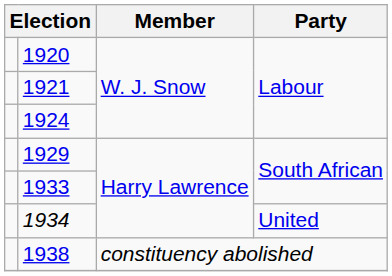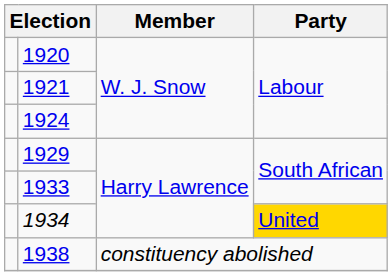 <table class="wikitable">
 <tr>
 <th colspan="2">Election</th>
 <th>Member</th>
 <th>Party</th>
 </tr>
 <tr>
 <td style="background-color: "></td>
 <td><a href='#'>1920</a></td>
 <td rowspan="3"><a href='#'>W. J. Snow</a></td>
 <td rowspan="3"><a href='#'>Labour</a></td>
 </tr>
 <tr>
 <td style="background-color: "></td>
 <td><a href='#'>1921</a></td>
 </tr>
 <tr>
 <td style="background-color: "></td>
 <td><a href='#'>1924</a></td>
 </tr>
 <tr>
 <td style="background-color: "></td>
 <td><a href='#'>1929</a></td>
 <td rowspan="3"><a href='#'>Harry Lawrence</a></td>
 <td rowspan="2"><a href='#'>South African</a></td>
 </tr>
 <tr>
 <td style="background-color: "></td>
 <td><a href='#'>1933</a></td>
 </tr>
 <tr>
 <td style="background-color: "></td>
 <td><em>1934</em></td>
-<td><a href='#'>United</a></td>
+<td style="background: gold;"><a href='#'>United</a></td>
 </tr>
 <tr>
 <td style="background-color: "></td>
 <td><a href='#'>1938</a></td>
 <td colspan="2"><em>constituency abolished</em></td>
 </tr>
 <tr>
 </tr>
 </table>
